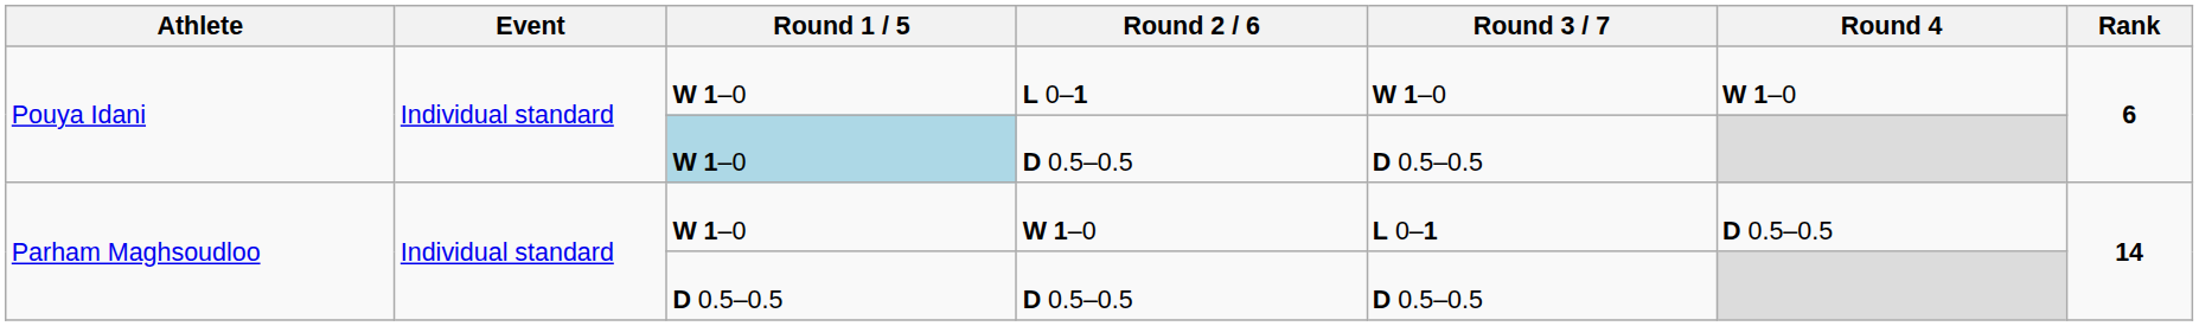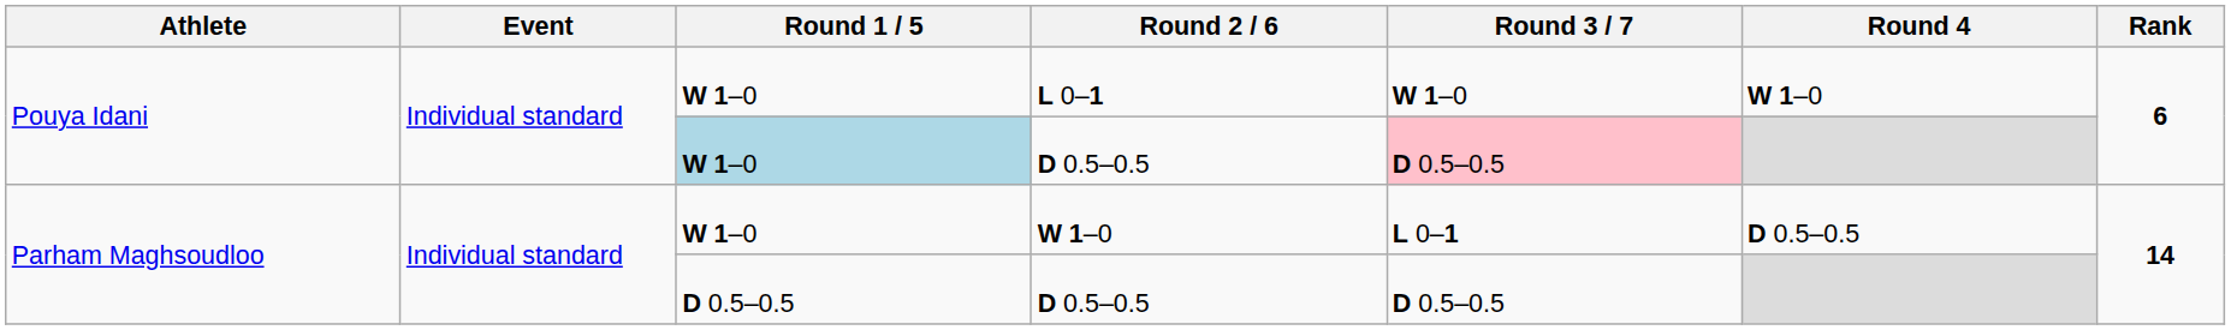 <table class="wikitable" width="98%" style="text-align:left; font-size:90%">
 <tr>
 <th width="10%">Athlete</th>
 <th width="7%">Event</th>
 <th width="9%">Round 1 / 5</th>
 <th width="9%">Round 2 / 6</th>
 <th width="9%">Round 3 / 7</th>
 <th width="9%">Round 4</th>
 <th width="3%">Rank</th>
 </tr>
 <tr>
 <td rowspan=2><a href='#'>Pouya Idani</a></td>
 <td rowspan=2><a href='#'>Individual standard</a></td>
 <td><br><strong>W</strong> <strong>1</strong>–0</td>
 <td><br><strong>L</strong> 0–<strong>1</strong></td>
 <td><br><strong>W</strong> <strong>1</strong>–0</td>
 <td><br><strong>W</strong> <strong>1</strong>–0</td>
 <td rowspan=2 align=center><strong>6</strong></td>
 </tr>
 <tr>
 <td style="background: lightblue;"><br><strong>W</strong> <strong>1</strong>–0</td>
 <td><br><strong>D</strong> 0.5–0.5</td>
-<td><br><strong>D</strong> 0.5–0.5</td>
+<td style="background: pink;"><br><strong>D</strong> 0.5–0.5</td>
 <td bgcolor=#DCDCDC></td>
 </tr>
 <tr>
 <td rowspan=2><a href='#'>Parham Maghsoudloo</a></td>
 <td rowspan=2><a href='#'>Individual standard</a></td>
 <td><br><strong>W</strong> <strong>1</strong>–0</td>
 <td><br><strong>W</strong> <strong>1</strong>–0</td>
 <td><br><strong>L</strong> 0–<strong>1</strong></td>
 <td><br><strong>D</strong> 0.5–0.5</td>
 <td rowspan=2 align=center><strong>14</strong></td>
 </tr>
 <tr>
 <td><br><strong>D</strong> 0.5–0.5</td>
 <td><br><strong>D</strong> 0.5–0.5</td>
 <td><br><strong>D</strong> 0.5–0.5</td>
 <td bgcolor=#DCDCDC></td>
 </tr>
 </table>
